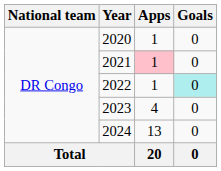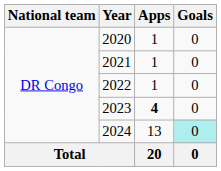 <table class="wikitable" style="text-align: center;">
 <tr>
 <th>National team</th>
 <th>Year</th>
 <th>Apps</th>
 <th>Goals</th>
 </tr>
 <tr>
 <td rowspan="5"><a href='#'>DR Congo</a></td>
 <td>2020</td>
 <td>1</td>
 <td>0</td>
 </tr>
 <tr>
 <td>2021</td>
-<td style="background: pink;">1</td>
+<td>1</td>
 <td>0</td>
 </tr>
 <tr>
 <td>2022</td>
 <td>1</td>
-<td style="background: paleturquoise;">0</td>
+<td>0</td>
 </tr>
 <tr>
 <td>2023</td>
-<td>4</td>
+<td><strong>4</strong></td>
 <td>0</td>
 </tr>
 <tr>
 <td>2024</td>
 <td>13</td>
-<td>0</td>
+<td style="background: paleturquoise;">0</td>
 </tr>
 <tr>
 <th colspan="2">Total</th>
 <th>20</th>
 <th>0</th>
 </tr>
 </table>
